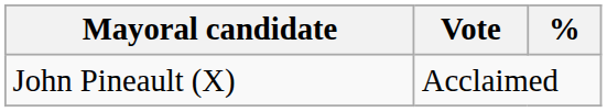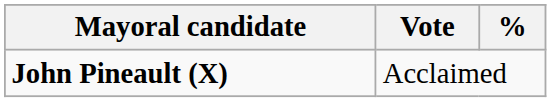 <table class="wikitable">
 <tr>
 <th bgcolor="#DDDDFF" width="200px">Mayoral candidate</th>
 <th bgcolor="#DDDDFF" width="50px">Vote</th>
 <th bgcolor="#DDDDFF"  width="30px">%</th>
 </tr>
 <tr>
-<td>John Pineault (X)</td>
+<td><strong>John Pineault (X)</strong></td>
 <td colspan="2">Acclaimed</td>
 </tr>
 </table>
